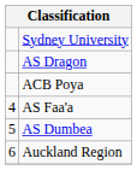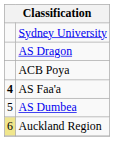 <table class="wikitable" font-size: 90%;>
 <tr>
 <th colspan=2>Classification</th>
 </tr>
 <tr valign="top">
 <td></td>
 <td> <a href='#'>Sydney University</a></td>
 </tr>
 <tr>
 <td></td>
 <td> <a href='#'>AS Dragon</a></td>
 </tr>
 <tr>
 <td></td>
 <td> ACB Poya</td>
 </tr>
 <tr>
-<td>4</td>
+<td><strong>4</strong></td>
 <td> AS Faa'a</td>
 </tr>
 <tr>
 <td>5</td>
 <td> <a href='#'>AS Dumbea</a></td>
 </tr>
 <tr>
-<td>6</td>
+<td style="background: khaki;">6</td>
 <td> Auckland Region</td>
 </tr>
 <tr>
 </tr>
 </table>
